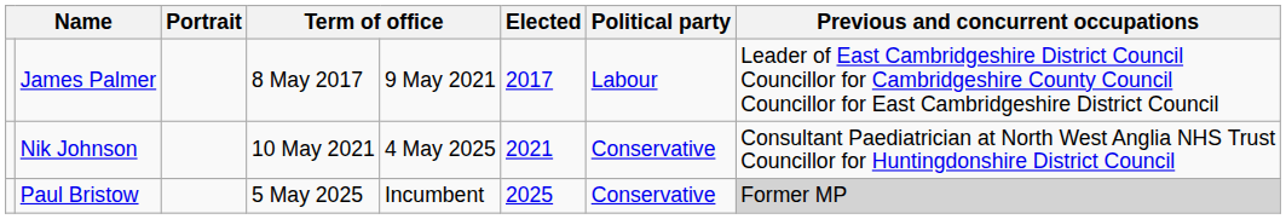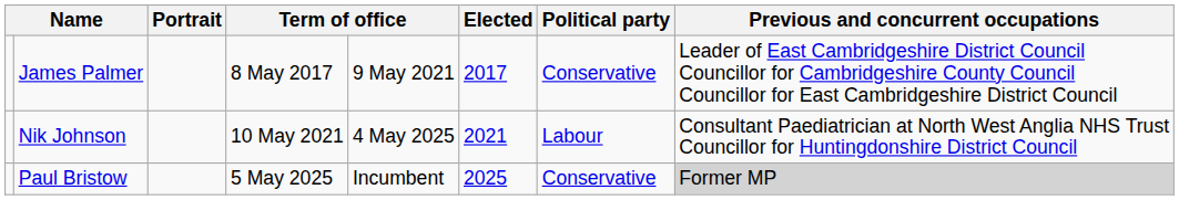 <table class="wikitable">
 <tr>
 <th colspan=2>Name</th>
 <th>Portrait</th>
 <th colspan=2>Term of office</th>
 <th>Elected</th>
 <th>Political party</th>
 <th>Previous and concurrent occupations</th>
 </tr>
 <tr>
 <td style="background-color: "></td>
 <td><a href='#'>James Palmer</a></td>
 <td></td>
 <td>8 May 2017</td>
 <td>9 May 2021</td>
 <td><a href='#'>2017</a></td>
-<td><a href='#'>Labour</a></td>
+<td><a href='#'>Conservative</a></td>
 <td>Leader of <a href='#'>East Cambridgeshire District Council</a><br> Councillor for <a href='#'>Cambridgeshire County Council</a><br>Councillor for East Cambridgeshire District Council</td>
 </tr>
 <tr>
 <td style="background-color: "></td>
 <td><a href='#'>Nik Johnson</a></td>
 <td></td>
 <td>10 May 2021</td>
 <td>4 May 2025</td>
 <td><a href='#'>2021</a></td>
-<td><a href='#'>Conservative</a></td>
+<td><a href='#'>Labour</a></td>
 <td>Consultant Paediatrician at North West Anglia NHS Trust<br>Councillor for <a href='#'>Huntingdonshire District Council</a></td>
 </tr>
 <tr>
 <td style="background-color: "></td>
 <td><a href='#'>Paul Bristow</a></td>
 <td></td>
 <td>5 May 2025</td>
 <td>Incumbent</td>
 <td><a href='#'>2025</a></td>
 <td><a href='#'>Conservative</a></td>
 <td style="background: lightgrey;">Former MP</td>
 </tr>
 </table>
